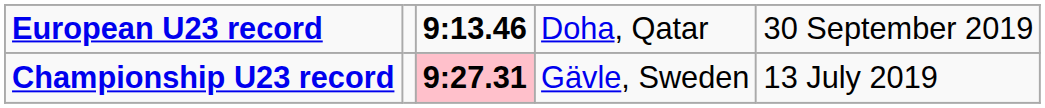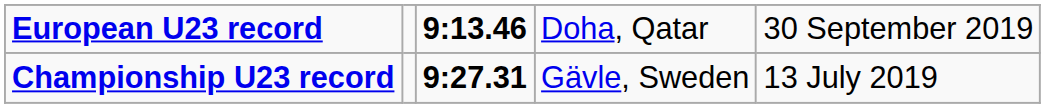 <table class="wikitable">
 <tr>
 <td><strong><a href='#'>European U23 record</a></strong></td>
 <td></td>
 <td><strong>9:13.46</strong></td>
 <td><a href='#'>Doha</a>, Qatar</td>
 <td>30 September 2019</td>
 </tr>
 <tr>
 <td><strong><a href='#'>Championship U23 record</a></strong></td>
 <td></td>
-<td style="background: pink;"><strong>9:27.31 </strong></td>
+<td><strong>9:27.31 </strong></td>
 <td><a href='#'>Gävle</a>, Sweden</td>
 <td>13 July 2019</td>
 </tr>
 </table>
